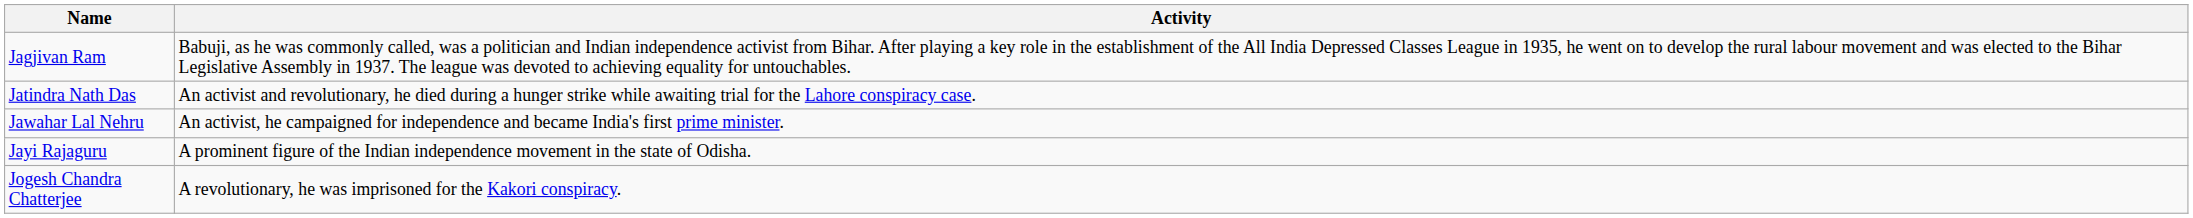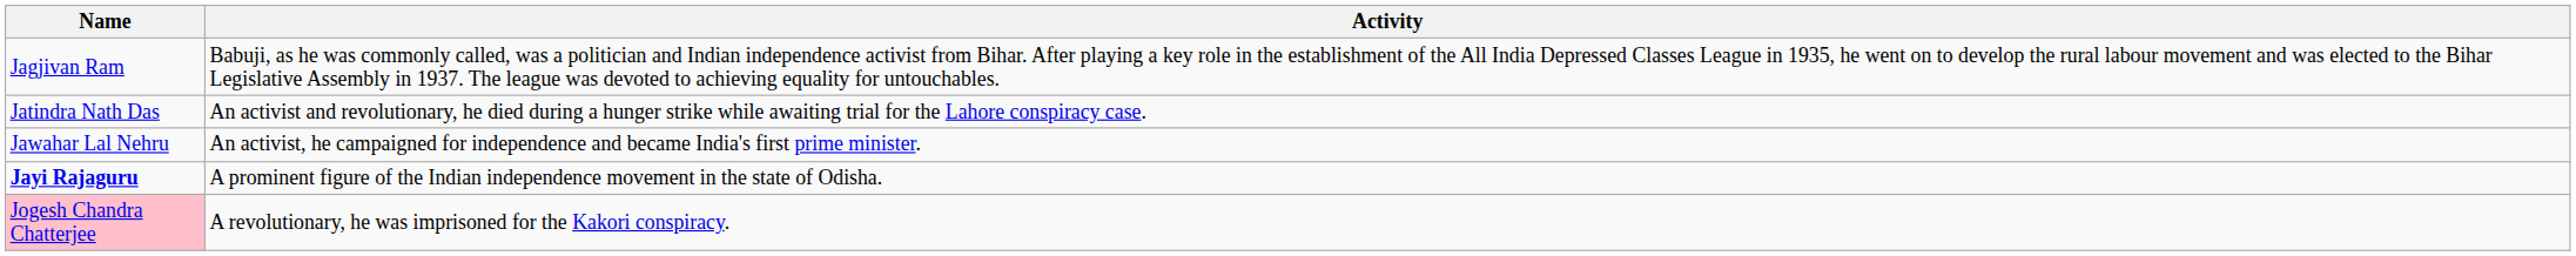 <table class="wikitable">
 <tr>
 <th>Name</th>
 <th>Activity</th>
 </tr>
 <tr>
 <td><a href='#'>Jagjivan Ram</a></td>
 <td>Babuji, as he was commonly called, was a politician and Indian independence activist from Bihar. After playing a key role in the establishment of the All India Depressed Classes League in 1935, he went on to develop the rural labour movement and was elected to the Bihar Legislative Assembly in 1937. The league was devoted to achieving equality for untouchables.</td>
 </tr>
 <tr>
 <td><a href='#'>Jatindra Nath Das</a></td>
 <td>An activist and revolutionary, he died during a hunger strike while awaiting trial for the <a href='#'>Lahore conspiracy case</a>.</td>
 </tr>
 <tr>
 <td><a href='#'>Jawahar Lal Nehru</a></td>
 <td>An activist, he campaigned for independence and became India's first <a href='#'>prime minister</a>.</td>
 </tr>
 <tr>
-<td><a href='#'>Jayi Rajaguru</a></td>
+<td><strong><a href='#'>Jayi Rajaguru</a></strong></td>
 <td>A prominent figure of the Indian independence movement in the state of Odisha.</td>
 </tr>
 <tr>
-<td><a href='#'>Jogesh Chandra Chatterjee</a></td>
+<td style="background: pink;"><a href='#'>Jogesh Chandra Chatterjee</a></td>
 <td>A revolutionary, he was imprisoned for the <a href='#'>Kakori conspiracy</a>.</td>
 </tr>
 </table>
